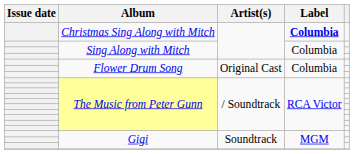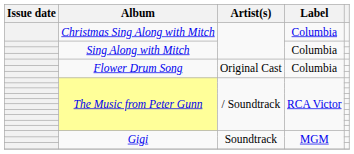 <table class="wikitable sortable plainrowheaders" style="text-align: center">
 <tr>
 <th scope=col>Issue date</th>
 <th scope=col>Album</th>
 <th scope=col>Artist(s)</th>
 <th scope=col>Label</th>
 <th scope=col class="unsortable"></th>
 </tr>
 <tr>
 <th scope="row"></th>
 <td><em><a href='#'>Christmas Sing Along with Mitch</a></em></td>
 <td rowspan=4></td>
-<td><strong><a href='#'>Columbia</a></strong></td>
+<td><a href='#'>Columbia</a></td>
 <td style="text-align: center;"></td>
 </tr>
 <tr>
 <th scope="row"></th>
 <td rowspan=3><em><a href='#'>Sing Along with Mitch</a></em></td>
 <td rowspan=3>Columbia</td>
 <td style="text-align: center;"></td>
 </tr>
 <tr>
 <th scope="row"></th>
 <td style="text-align: center;"></td>
 </tr>
 <tr>
 <th scope="row"></th>
 <td style="text-align: center;"></td>
 </tr>
 <tr>
 <th scope="row"></th>
 <td rowspan=3><em><a href='#'>Flower Drum Song</a></em></td>
 <td rowspan=3>Original Cast</td>
 <td rowspan=3>Columbia</td>
 <td style="text-align: center;"></td>
 </tr>
 <tr>
 <th scope="row"></th>
 <td style="text-align: center;"></td>
 </tr>
 <tr>
 <th scope="row"></th>
 <td style="text-align: center;"></td>
 </tr>
 <tr>
 <th scope="row"></th>
 <td bgcolor=#FFFF99 rowspan=10><em><a href='#'>The Music from Peter Gunn</a></em> </td>
 <td rowspan=10> / Soundtrack</td>
 <td rowspan=10><a href='#'>RCA Victor</a></td>
 <td style="text-align: center;"></td>
 </tr>
 <tr>
 <th scope="row"></th>
 <td style="text-align: center;"></td>
 </tr>
 <tr>
 <th scope="row"></th>
 <td style="text-align: center;"></td>
 </tr>
 <tr>
 <th scope="row"></th>
 <td style="text-align: center;"></td>
 </tr>
 <tr>
 <th scope="row"></th>
 <td style="text-align: center;"></td>
 </tr>
 <tr>
 <th scope="row"></th>
 <td style="text-align: center;"></td>
 </tr>
 <tr>
 <th scope="row"></th>
 <td style="text-align: center;"></td>
 </tr>
 <tr>
 <th scope="row"></th>
 <td style="text-align: center;"></td>
 </tr>
 <tr>
 <th scope="row"></th>
 <td style="text-align: center;"></td>
 </tr>
 <tr>
 <th scope="row"></th>
 <td style="text-align: center;"></td>
 </tr>
 <tr>
 <th scope="row"></th>
 <td rowspan=3><em><a href='#'>Gigi</a></em></td>
 <td rowspan=3>Soundtrack</td>
 <td rowspan=3><a href='#'>MGM</a></td>
 <td style="text-align: center;"></td>
 </tr>
 <tr>
 <th scope="row"></th>
 <td style="text-align: center;"></td>
 </tr>
 <tr>
 <th scope="row"></th>
 <td style="text-align: center;"></td>
 </tr>
 <tr>
 </tr>
 </table>
